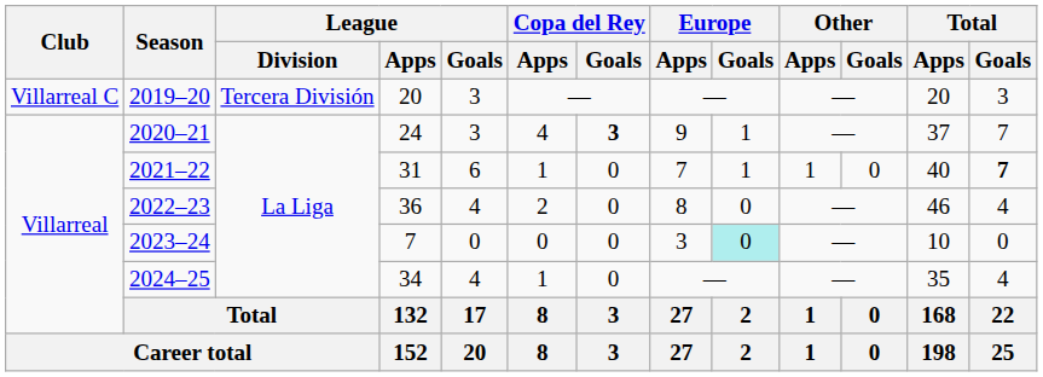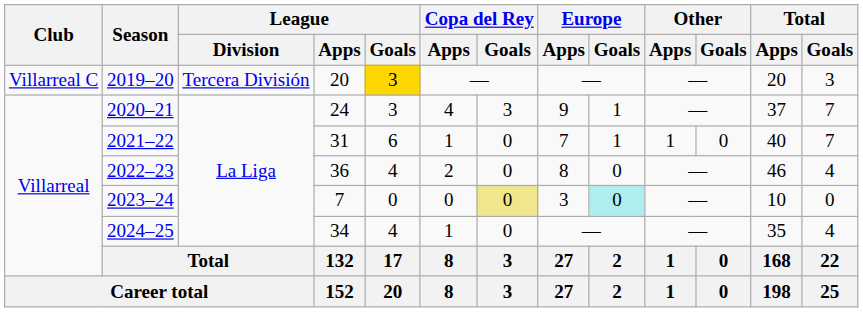 <table class="wikitable" style="text-align:center">
 <tr>
 <th rowspan="2">Club</th>
 <th rowspan="2">Season</th>
 <th colspan="3">League</th>
 <th colspan="2"><a href='#'>Copa del Rey</a></th>
 <th colspan="2"><a href='#'>Europe</a></th>
 <th colspan="2">Other</th>
 <th colspan="2">Total</th>
 </tr>
 <tr>
 <th>Division</th>
 <th>Apps</th>
 <th>Goals</th>
 <th>Apps</th>
 <th>Goals</th>
 <th>Apps</th>
 <th>Goals</th>
 <th>Apps</th>
 <th>Goals</th>
 <th>Apps</th>
 <th>Goals</th>
 </tr>
 <tr>
 <td><a href='#'>Villarreal C</a></td>
 <td><a href='#'>2019–20</a></td>
 <td><a href='#'>Tercera División</a></td>
 <td>20</td>
-<td>3</td>
+<td style="background: gold;">3</td>
 <td colspan="2">—</td>
 <td colspan="2">—</td>
 <td colspan="2">—</td>
 <td>20</td>
 <td>3</td>
 </tr>
 <tr>
 <td rowspan="6"><a href='#'>Villarreal</a></td>
 <td><a href='#'>2020–21</a></td>
 <td rowspan="5"><a href='#'>La Liga</a></td>
 <td>24</td>
 <td>3</td>
 <td>4</td>
-<td><strong>3</strong></td>
+<td>3</td>
 <td>9</td>
 <td>1</td>
 <td colspan="2">—</td>
 <td>37</td>
 <td>7</td>
 </tr>
 <tr>
 <td><a href='#'>2021–22</a></td>
 <td>31</td>
 <td>6</td>
 <td>1</td>
 <td>0</td>
 <td>7</td>
 <td>1</td>
 <td>1</td>
 <td>0</td>
 <td>40</td>
-<td><strong>7</strong></td>
+<td>7</td>
 </tr>
 <tr>
 <td><a href='#'>2022–23</a></td>
 <td>36</td>
 <td>4</td>
 <td>2</td>
 <td>0</td>
 <td>8</td>
 <td>0</td>
 <td colspan="2">—</td>
 <td>46</td>
 <td>4</td>
 </tr>
 <tr>
 <td><a href='#'>2023–24</a></td>
 <td>7</td>
 <td>0</td>
 <td>0</td>
-<td>0</td>
+<td style="background: khaki;">0</td>
 <td>3</td>
 <td style="background: paleturquoise;">0</td>
 <td colspan="2">—</td>
 <td>10</td>
 <td>0</td>
 </tr>
 <tr>
 <td><a href='#'>2024–25</a></td>
 <td>34</td>
 <td>4</td>
 <td>1</td>
 <td>0</td>
 <td colspan="2">—</td>
 <td colspan="2">—</td>
 <td>35</td>
 <td>4</td>
 </tr>
 <tr>
 <th colspan="2">Total</th>
 <th>132</th>
 <th>17</th>
 <th>8</th>
 <th>3</th>
 <th>27</th>
 <th>2</th>
 <th>1</th>
 <th>0</th>
 <th>168</th>
 <th>22</th>
 </tr>
 <tr>
 <th colspan="3">Career total</th>
 <th>152</th>
 <th>20</th>
 <th>8</th>
 <th>3</th>
 <th>27</th>
 <th>2</th>
 <th>1</th>
 <th>0</th>
 <th>198</th>
 <th>25</th>
 </tr>
 </table>
